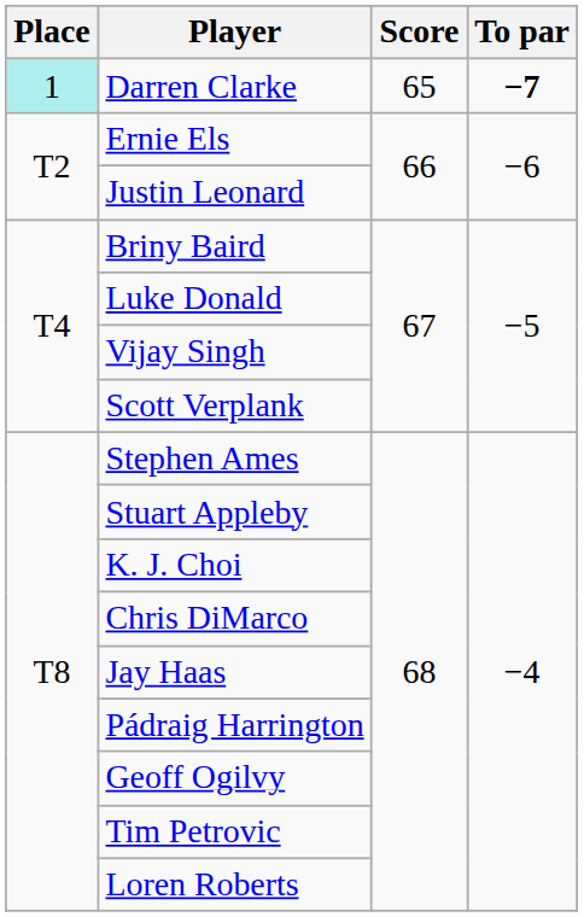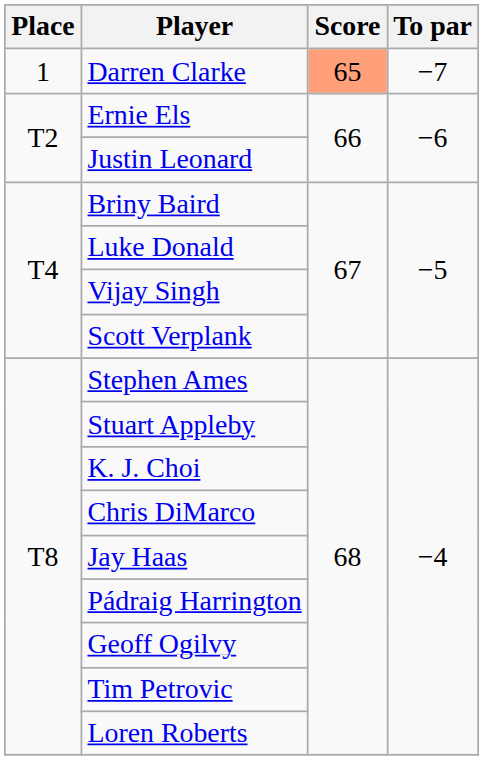 <table class="wikitable">
 <tr>
 <th>Place</th>
 <th>Player</th>
 <th>Score</th>
 <th>To par</th>
 </tr>
 <tr>
-<td align=center style="background: paleturquoise;">1</td>
+<td align=center>1</td>
 <td> <a href='#'>Darren Clarke</a></td>
-<td align=center>65</td>
-<td align=center><strong>−7</strong></td>
+<td align=center style="background: lightsalmon;">65</td>
+<td align=center>−7</td>
 </tr>
 <tr>
 <td rowspan="2" align=center>T2</td>
 <td> <a href='#'>Ernie Els</a></td>
 <td rowspan="2" align=center>66</td>
 <td rowspan="2" align=center>−6</td>
 </tr>
 <tr>
 <td> <a href='#'>Justin Leonard</a></td>
 </tr>
 <tr>
 <td rowspan="4" align=center>T4</td>
 <td> <a href='#'>Briny Baird</a></td>
 <td rowspan="4" align=center>67</td>
 <td rowspan="4" align=center>−5</td>
 </tr>
 <tr>
 <td> <a href='#'>Luke Donald</a></td>
 </tr>
 <tr>
 <td> <a href='#'>Vijay Singh</a></td>
 </tr>
 <tr>
 <td> <a href='#'>Scott Verplank</a></td>
 </tr>
 <tr>
 <td rowspan="9" align=center>T8</td>
 <td> <a href='#'>Stephen Ames</a></td>
 <td rowspan="9" align=center>68</td>
 <td rowspan="9" align=center>−4</td>
 </tr>
 <tr>
 <td> <a href='#'>Stuart Appleby</a></td>
 </tr>
 <tr>
 <td> <a href='#'>K. J. Choi</a></td>
 </tr>
 <tr>
 <td> <a href='#'>Chris DiMarco</a></td>
 </tr>
 <tr>
 <td> <a href='#'>Jay Haas</a></td>
 </tr>
 <tr>
 <td> <a href='#'>Pádraig Harrington</a></td>
 </tr>
 <tr>
 <td> <a href='#'>Geoff Ogilvy</a></td>
 </tr>
 <tr>
 <td> <a href='#'>Tim Petrovic</a></td>
 </tr>
 <tr>
 <td> <a href='#'>Loren Roberts</a></td>
 </tr>
 </table>
